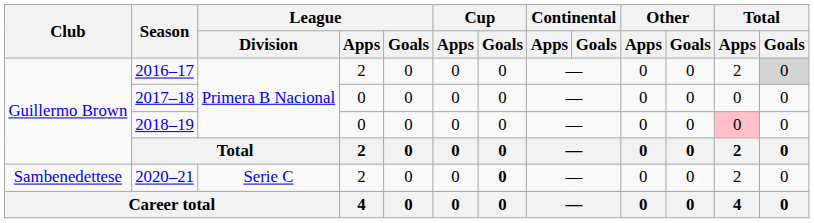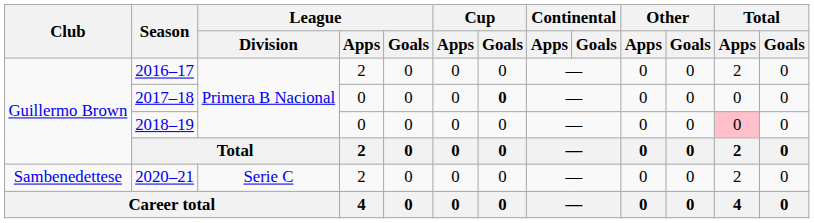 <table class="wikitable" style="text-align:center">
 <tr>
 <th rowspan="2">Club</th>
 <th rowspan="2">Season</th>
 <th colspan="3">League</th>
 <th colspan="2">Cup</th>
 <th colspan="2">Continental</th>
 <th colspan="2">Other</th>
 <th colspan="2">Total</th>
 </tr>
 <tr>
 <th>Division</th>
 <th>Apps</th>
 <th>Goals</th>
 <th>Apps</th>
 <th>Goals</th>
 <th>Apps</th>
 <th>Goals</th>
 <th>Apps</th>
 <th>Goals</th>
 <th>Apps</th>
 <th>Goals</th>
 </tr>
 <tr>
 <td rowspan="4"><a href='#'>Guillermo Brown</a></td>
 <td><a href='#'>2016–17</a></td>
 <td rowspan="3"><a href='#'>Primera B Nacional</a></td>
 <td>2</td>
 <td>0</td>
 <td>0</td>
 <td>0</td>
 <td colspan="2">—</td>
 <td>0</td>
 <td>0</td>
 <td>2</td>
-<td style="background: lightgrey;">0</td>
+<td>0</td>
 </tr>
 <tr>
 <td><a href='#'>2017–18</a></td>
 <td>0</td>
 <td>0</td>
 <td>0</td>
-<td>0</td>
+<td><strong>0</strong></td>
 <td colspan="2">—</td>
 <td>0</td>
 <td>0</td>
 <td>0</td>
 <td>0</td>
 </tr>
 <tr>
 <td><a href='#'>2018–19</a></td>
 <td>0</td>
 <td>0</td>
 <td>0</td>
 <td>0</td>
 <td colspan="2">—</td>
 <td>0</td>
 <td>0</td>
 <td style="background: pink;">0</td>
 <td>0</td>
 </tr>
 <tr>
 <th colspan="2">Total</th>
 <th>2</th>
 <th>0</th>
 <th>0</th>
 <th>0</th>
 <th colspan="2">—</th>
 <th>0</th>
 <th>0</th>
 <th>2</th>
 <th>0</th>
 </tr>
 <tr>
 <td rowspan="1"><a href='#'>Sambenedettese</a></td>
 <td><a href='#'>2020–21</a></td>
 <td rowspan="1"><a href='#'>Serie C</a></td>
 <td>2</td>
 <td>0</td>
 <td>0</td>
-<td><strong>0</strong></td>
+<td>0</td>
 <td colspan="2">—</td>
 <td>0</td>
 <td>0</td>
 <td>2</td>
 <td>0</td>
 </tr>
 <tr>
 <th colspan="3">Career total</th>
 <th>4</th>
 <th>0</th>
 <th>0</th>
 <th>0</th>
 <th colspan="2">—</th>
 <th>0</th>
 <th>0</th>
 <th>4</th>
 <th>0</th>
 </tr>
 </table>
